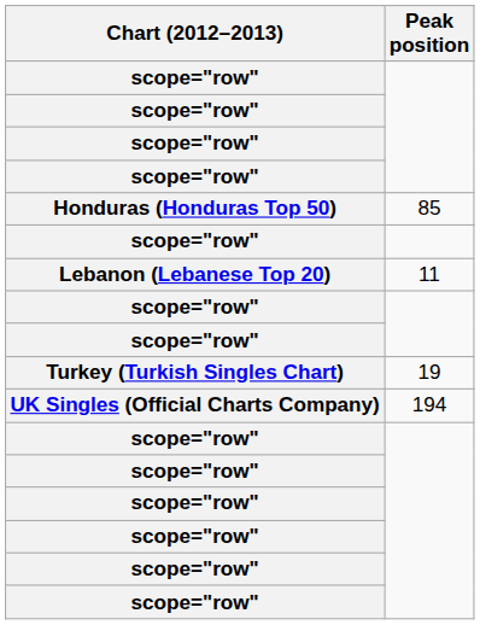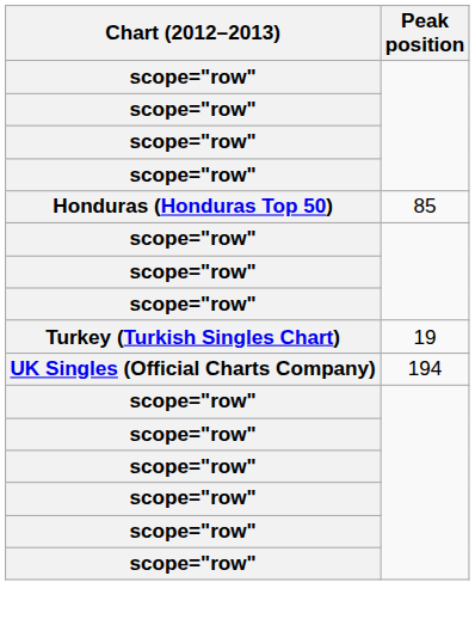 <table class="wikitable plainrowheaders sortable" style="text-align:center">
 <tr>
 <th scope="col">Chart (2012–2013)</th>
 <th scope="col">Peak<br>position</th>
 </tr>
 <tr>
 <th>scope="row" </th>
 </tr>
 <tr>
 <th>scope="row"</th>
 </tr>
 <tr>
 <th>scope="row"</th>
 </tr>
 <tr>
 <th>scope="row"</th>
 </tr>
 <tr>
 <th scope="row">Honduras (<a href='#'>Honduras Top 50</a>)</th>
 <td style="text-align:center;">85</td>
 </tr>
 <tr>
 <th>scope="row"</th>
-</tr>
-<tr>
-<th scope="row">Lebanon (<a href='#'>Lebanese Top 20</a>)</th>
-<td style="text-align:center;">11</td>
 </tr>
 <tr>
 <th>scope="row"</th>
 </tr>
 <tr>
 <th>scope="row"</th>
 </tr>
 <tr>
 <th scope="row">Turkey (<a href='#'>Turkish Singles Chart</a>)</th>
 <td style="text-align:center;">19</td>
 </tr>
 <tr>
 <th scope="row"><a href='#'>UK Singles</a> (Official Charts Company)</th>
 <td style="text-align:center;">194</td>
 </tr>
 <tr>
 <th>scope="row"</th>
 </tr>
 <tr>
 <th>scope="row"</th>
 </tr>
 <tr>
 <th>scope="row"</th>
 </tr>
 <tr>
 <th>scope="row"</th>
 </tr>
 <tr>
 <th>scope="row"</th>
 </tr>
 <tr>
 <th>scope="row"</th>
 </tr>
 </table>
